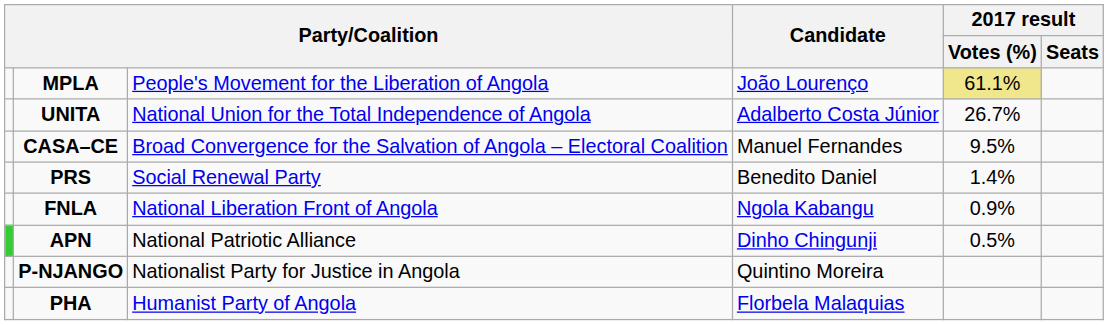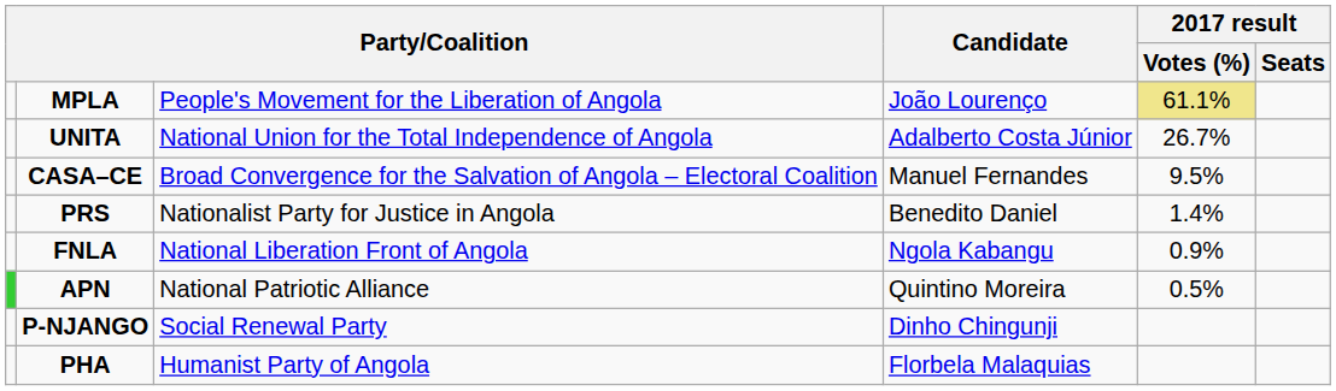 <table class="wikitable">
 <tr>
 <th rowspan="2" colspan="3">Party/Coalition</th>
 <th rowspan="2">Candidate</th>
 <th colspan="2">2017 result</th>
 </tr>
 <tr>
 <th>Votes (%)</th>
 <th>Seats</th>
 </tr>
 <tr>
 <td style="color:inherit;background:"></td>
 <td style="text-align:center;"><strong>MPLA</strong></td>
 <td><a href='#'>People's Movement for the Liberation of Angola</a><br></td>
 <td><a href='#'>João Lourenço</a></td>
 <td style="background: khaki; text-align:center;">61.1%</td>
 <td></td>
 </tr>
 <tr>
 <td style="color:inherit;background:"></td>
 <td style="text-align:center;"><strong>UNITA</strong></td>
 <td><a href='#'>National Union for the Total Independence of Angola</a><br></td>
 <td><a href='#'>Adalberto Costa Júnior</a></td>
 <td style="text-align:center;">26.7%</td>
 <td></td>
 </tr>
 <tr>
 <td style="color:inherit;background:"></td>
 <td style="text-align:center;"><strong>CASA–CE</strong></td>
 <td><a href='#'>Broad Convergence for the Salvation of Angola – Electoral Coalition</a><br></td>
 <td>Manuel Fernandes</td>
 <td style="text-align:center;">9.5%</td>
 <td></td>
 </tr>
 <tr>
 <td style="color:inherit;background:"></td>
 <td style="text-align:center;"><strong>PRS</strong></td>
-<td><a href='#'>Social Renewal Party</a><br></td>
+<td>Nationalist Party for Justice in Angola<br></td>
 <td>Benedito Daniel</td>
 <td style="text-align:center;">1.4%</td>
 <td></td>
 </tr>
 <tr>
 <td style="color:inherit;background:"></td>
 <td style="text-align:center;"><strong>FNLA</strong></td>
 <td><a href='#'>National Liberation Front of Angola</a><br></td>
 <td><a href='#'>Ngola Kabangu</a></td>
 <td style="text-align:center;">0.9%</td>
 <td></td>
 </tr>
 <tr>
 <td style="background:#32cd32;"></td>
 <td style="text-align:center;"><strong>APN</strong></td>
 <td>National Patriotic Alliance<br></td>
-<td><a href='#'>Dinho Chingunji</a></td>
+<td>Quintino Moreira</td>
 <td style="text-align:center;">0.5%</td>
 <td></td>
 </tr>
 <tr>
 <td style="background:"></td>
 <td style="text-align:center;"><strong>P-NJANGO</strong></td>
-<td>Nationalist Party for Justice in Angola<br></td>
-<td>Quintino Moreira</td>
+<td><a href='#'>Social Renewal Party</a><br></td>
+<td><a href='#'>Dinho Chingunji</a></td>
 <td></td>
 <td></td>
 </tr>
 <tr>
 <td style="color:inherit;background:"></td>
 <td style="text-align:center;"><strong>PHA</strong></td>
 <td><a href='#'>Humanist Party of Angola</a><br></td>
 <td><a href='#'>Florbela Malaquias</a></td>
 <td></td>
 <td></td>
 </tr>
 </table>
